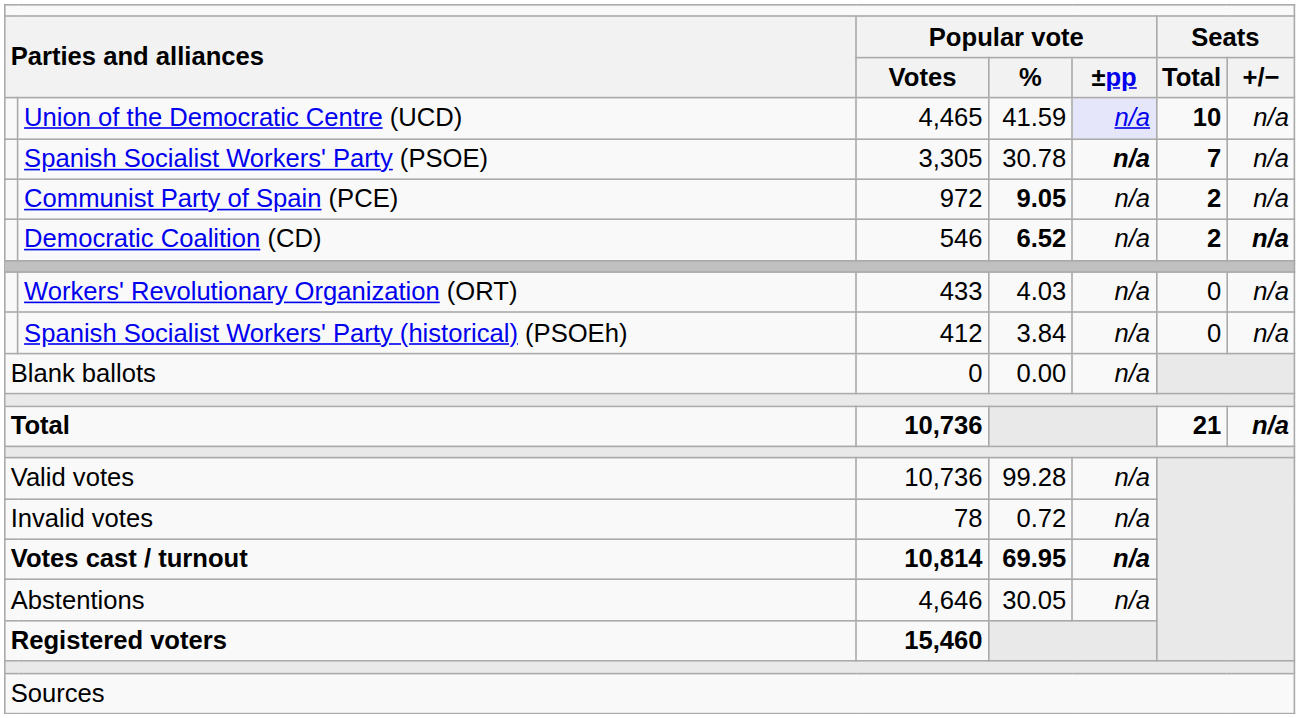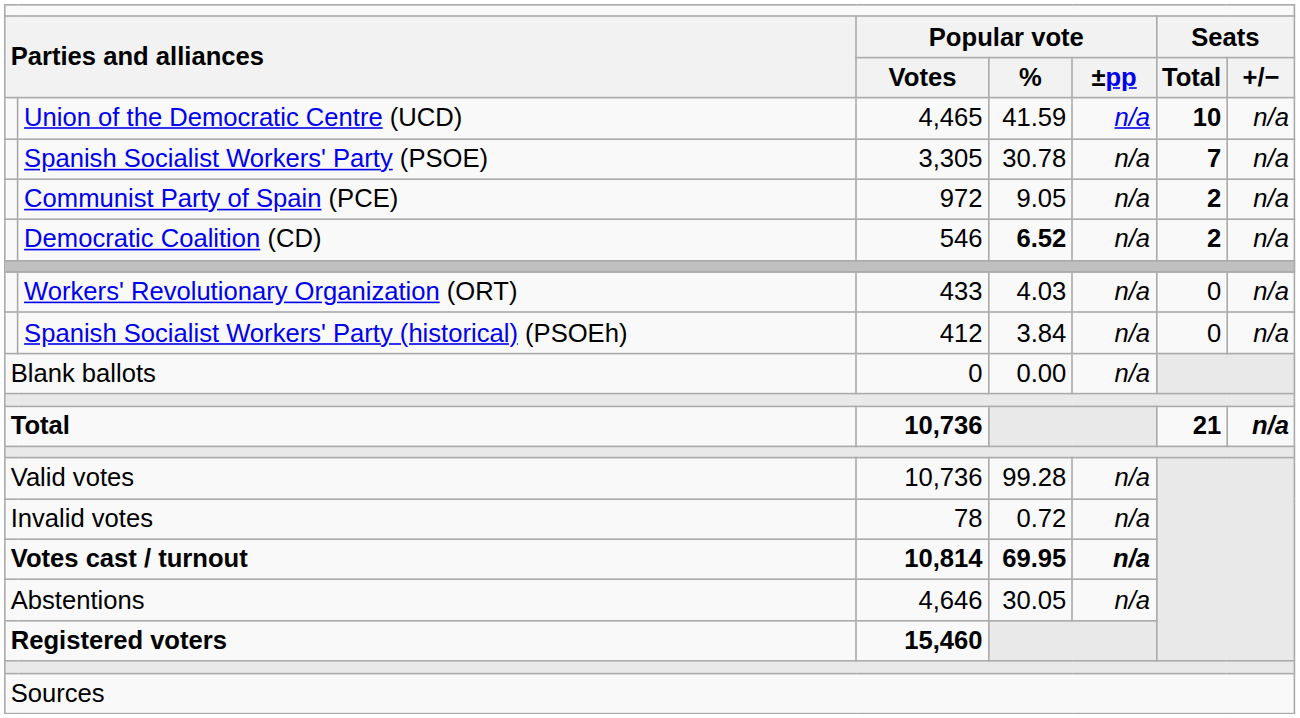 <table class="wikitable" style="text-align:right;">
 <tr>
 <td colspan="7"></td>
 </tr>
 <tr>
 <th style="text-align:left;" rowspan="2" colspan="2" width="525">Parties and alliances</th>
 <th colspan="3">Popular vote</th>
 <th colspan="2">Seats</th>
 </tr>
 <tr>
 <th width="75">Votes</th>
 <th width="45">%</th>
 <th width="45">±<a href='#'>pp</a></th>
 <th width="35">Total</th>
 <th width="35">+/−</th>
 </tr>
 <tr>
 <td width="1" style="color:inherit;background:"></td>
 <td align="left"><a href='#'>Union of the Democratic Centre</a> (UCD)</td>
 <td>4,465</td>
 <td>41.59</td>
-<td style="background: lavender;"><em><a href='#'>n/a</a></em></td>
+<td><em><a href='#'>n/a</a></em></td>
 <td><strong>10</strong></td>
 <td><em>n/a</em></td>
 </tr>
 <tr>
 <td style="color:inherit;background:"></td>
 <td align="left"><a href='#'>Spanish Socialist Workers' Party</a> (PSOE)</td>
 <td>3,305</td>
 <td>30.78</td>
-<td><strong><em>n/a</em></strong></td>
+<td><em>n/a</em></td>
 <td><strong>7</strong></td>
 <td><em>n/a</em></td>
 </tr>
 <tr>
 <td style="color:inherit;background:"></td>
 <td align="left"><a href='#'>Communist Party of Spain</a> (PCE)</td>
 <td>972</td>
-<td><strong>9.05</strong></td>
+<td>9.05</td>
 <td><em>n/a</em></td>
 <td><strong>2</strong></td>
 <td><em>n/a</em></td>
 </tr>
 <tr>
 <td style="color:inherit;background:"></td>
 <td align="left"><a href='#'>Democratic Coalition</a> (CD)</td>
 <td>546</td>
 <td><strong>6.52</strong></td>
 <td><em>n/a</em></td>
 <td><strong>2</strong></td>
-<td><strong><em>n/a</em></strong></td>
+<td><em>n/a</em></td>
 </tr>
 <tr>
 <td colspan="7" bgcolor="#C0C0C0"></td>
 </tr>
 <tr>
 <td style="color:inherit;background:"></td>
 <td align="left"><a href='#'>Workers' Revolutionary Organization</a> (ORT)</td>
 <td>433</td>
 <td>4.03</td>
 <td><em>n/a</em></td>
 <td>0</td>
 <td><em>n/a</em></td>
 </tr>
 <tr>
 <td style="color:inherit;background:"></td>
 <td align="left"><a href='#'>Spanish Socialist Workers' Party (historical)</a> (PSOEh)</td>
 <td>412</td>
 <td>3.84</td>
 <td><em>n/a</em></td>
 <td>0</td>
 <td><em>n/a</em></td>
 </tr>
 <tr>
 <td align="left" colspan="2">Blank ballots</td>
 <td>0</td>
 <td>0.00</td>
 <td><em>n/a</em></td>
 <td bgcolor="#E9E9E9" colspan="2"></td>
 </tr>
 <tr>
 <td colspan="7" bgcolor="#E9E9E9"></td>
 </tr>
 <tr style="font-weight:bold;">
 <td align="left" colspan="2">Total</td>
 <td>10,736</td>
 <td bgcolor="#E9E9E9" colspan="2"></td>
 <td>21</td>
 <td><em>n/a</em></td>
 </tr>
 <tr>
 <td colspan="7" bgcolor="#E9E9E9"></td>
 </tr>
 <tr>
 <td align="left" colspan="2">Valid votes</td>
 <td>10,736</td>
 <td>99.28</td>
 <td><em>n/a</em></td>
 <td bgcolor="#E9E9E9" colspan="2" rowspan="5"></td>
 </tr>
 <tr>
 <td align="left" colspan="2">Invalid votes</td>
 <td>78</td>
 <td>0.72</td>
 <td><em>n/a</em></td>
 </tr>
 <tr style="font-weight:bold;">
 <td align="left" colspan="2">Votes cast / turnout</td>
 <td>10,814</td>
 <td>69.95</td>
 <td><em>n/a</em></td>
 </tr>
 <tr>
 <td align="left" colspan="2">Abstentions</td>
 <td>4,646</td>
 <td>30.05</td>
 <td><em>n/a</em></td>
 </tr>
 <tr style="font-weight:bold;">
 <td align="left" colspan="2">Registered voters</td>
 <td>15,460</td>
 <td bgcolor="#E9E9E9" colspan="2"></td>
 </tr>
 <tr>
 <td colspan="7" bgcolor="#E9E9E9"></td>
 </tr>
 <tr>
 <td align="left" colspan="7">Sources</td>
 </tr>
 </table>
